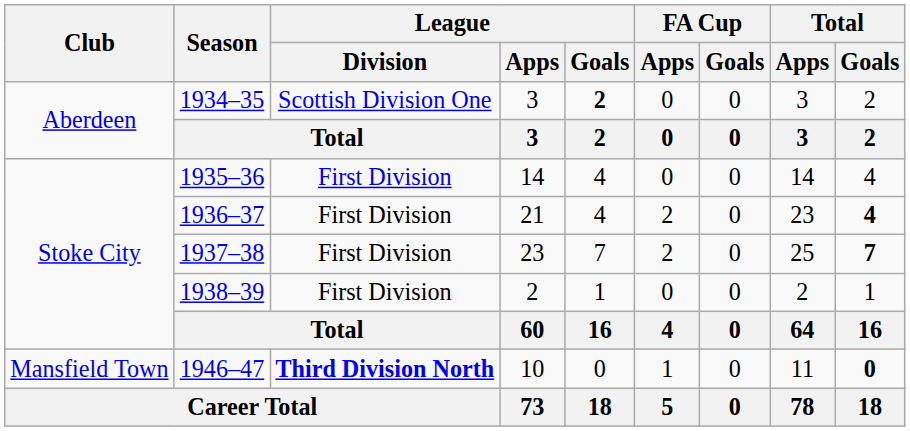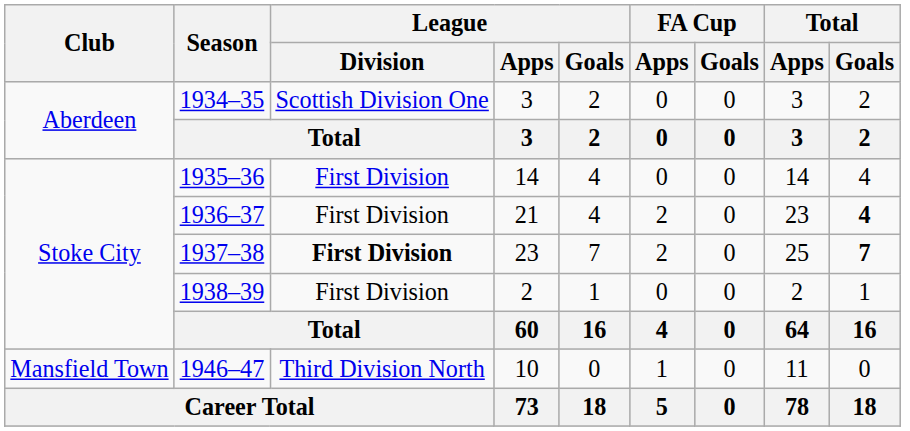 <table class="wikitable" style="text-align: center;">
 <tr>
 <th rowspan="2">Club</th>
 <th rowspan="2">Season</th>
 <th colspan="3">League</th>
 <th colspan="2">FA Cup</th>
 <th colspan="2">Total</th>
 </tr>
 <tr>
 <th>Division</th>
 <th>Apps</th>
 <th>Goals</th>
 <th>Apps</th>
 <th>Goals</th>
 <th>Apps</th>
 <th>Goals</th>
 </tr>
 <tr>
 <td rowspan="2"><a href='#'>Aberdeen</a></td>
 <td><a href='#'>1934–35</a></td>
 <td><a href='#'>Scottish Division One</a></td>
 <td>3</td>
-<td><strong>2</strong></td>
+<td>2</td>
 <td>0</td>
 <td>0</td>
 <td>3</td>
 <td>2</td>
 </tr>
 <tr>
 <th colspan="2">Total</th>
 <th>3</th>
 <th>2</th>
 <th>0</th>
 <th>0</th>
 <th>3</th>
 <th>2</th>
 </tr>
 <tr>
 <td rowspan="5"><a href='#'>Stoke City</a></td>
 <td><a href='#'>1935–36</a></td>
 <td><a href='#'>First Division</a></td>
 <td>14</td>
 <td>4</td>
 <td>0</td>
 <td>0</td>
 <td>14</td>
 <td>4</td>
 </tr>
 <tr>
 <td><a href='#'>1936–37</a></td>
 <td>First Division</td>
 <td>21</td>
 <td>4</td>
 <td>2</td>
 <td>0</td>
 <td>23</td>
 <td><strong>4</strong></td>
 </tr>
 <tr>
 <td><a href='#'>1937–38</a></td>
-<td>First Division</td>
+<td><strong>First Division</strong></td>
 <td>23</td>
 <td>7</td>
 <td>2</td>
 <td>0</td>
 <td>25</td>
 <td><strong>7</strong></td>
 </tr>
 <tr>
 <td><a href='#'>1938–39</a></td>
 <td>First Division</td>
 <td>2</td>
 <td>1</td>
 <td>0</td>
 <td>0</td>
 <td>2</td>
 <td>1</td>
 </tr>
 <tr>
 <th colspan="2">Total</th>
 <th>60</th>
 <th>16</th>
 <th>4</th>
 <th>0</th>
 <th>64</th>
 <th>16</th>
 </tr>
 <tr>
 <td><a href='#'>Mansfield Town</a></td>
 <td><a href='#'>1946–47</a></td>
-<td><strong><a href='#'>Third Division North</a></strong></td>
+<td><a href='#'>Third Division North</a></td>
 <td>10</td>
 <td>0</td>
 <td>1</td>
 <td>0</td>
 <td>11</td>
-<td><strong>0</strong></td>
+<td>0</td>
 </tr>
 <tr>
 <th colspan="3">Career Total</th>
 <th>73</th>
 <th>18</th>
 <th>5</th>
 <th>0</th>
 <th>78</th>
 <th>18</th>
 </tr>
 </table>
